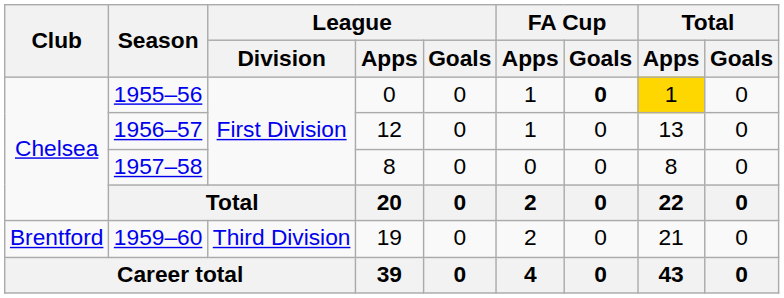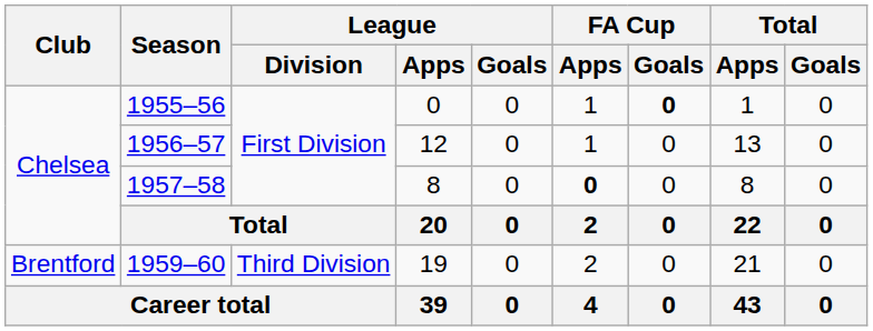 <table class="wikitable" style="text-align: center;">
 <tr>
 <th rowspan="2">Club</th>
 <th rowspan="2">Season</th>
 <th colspan="3">League</th>
 <th colspan="2">FA Cup</th>
 <th colspan="2">Total</th>
 </tr>
 <tr>
 <th>Division</th>
 <th>Apps</th>
 <th>Goals</th>
 <th>Apps</th>
 <th>Goals</th>
 <th>Apps</th>
 <th>Goals</th>
 </tr>
 <tr>
 <td rowspan="4"><a href='#'>Chelsea</a></td>
 <td><a href='#'>1955–56</a></td>
 <td rowspan="3"><a href='#'>First Division</a></td>
 <td>0</td>
 <td>0</td>
 <td>1</td>
 <td><strong>0</strong></td>
-<td style="background: gold;">1</td>
+<td>1</td>
 <td>0</td>
 </tr>
 <tr>
 <td><a href='#'>1956–57</a></td>
 <td>12</td>
 <td>0</td>
 <td>1</td>
 <td>0</td>
 <td>13</td>
 <td>0</td>
 </tr>
 <tr>
 <td><a href='#'>1957–58</a></td>
 <td>8</td>
 <td>0</td>
-<td>0</td>
+<td><strong>0</strong></td>
 <td>0</td>
 <td>8</td>
 <td>0</td>
 </tr>
 <tr>
 <th colspan="2">Total</th>
 <th>20</th>
 <th>0</th>
 <th>2</th>
 <th>0</th>
 <th>22</th>
 <th>0</th>
 </tr>
 <tr>
 <td><a href='#'>Brentford</a></td>
 <td><a href='#'>1959–60</a></td>
 <td><a href='#'>Third Division</a></td>
 <td>19</td>
 <td>0</td>
 <td>2</td>
 <td>0</td>
 <td>21</td>
 <td>0</td>
 </tr>
 <tr>
 <th colspan="3">Career total</th>
 <th>39</th>
 <th>0</th>
 <th>4</th>
 <th>0</th>
 <th>43</th>
 <th>0</th>
 </tr>
 </table>
